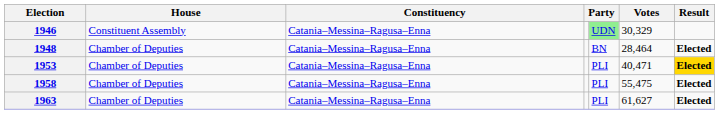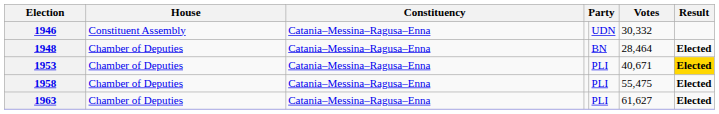 <table class=wikitable style="width:65%; border:1px #AAAAFF solid">
 <tr>
 <th width=12%>Election</th>
 <th width=30%>House</th>
 <th width=45%>Constituency</th>
 <th width=5% colspan="2">Party</th>
 <th width=12%>Votes</th>
 <th width=12%>Result</th>
 </tr>
 <tr>
 <th><a href='#'>1946</a></th>
 <td><a href='#'>Constituent Assembly</a></td>
 <td><a href='#'>Catania–Messina–Ragusa–Enna</a></td>
 <td></td>
-<td style="background: lightgreen;"><a href='#'>UDN</a></td>
-<td>30,329</td>
+<td><a href='#'>UDN</a></td>
+<td>30,332</td>
 <td></td>
 </tr>
 <tr>
 <th><a href='#'>1948</a></th>
 <td><a href='#'>Chamber of Deputies</a></td>
 <td><a href='#'>Catania–Messina–Ragusa–Enna</a></td>
 <td></td>
 <td><a href='#'>BN</a></td>
 <td>28,464</td>
 <td> <strong>Elected</strong></td>
 </tr>
 <tr>
 <th><a href='#'>1953</a></th>
 <td><a href='#'>Chamber of Deputies</a></td>
 <td><a href='#'>Catania–Messina–Ragusa–Enna</a></td>
 <td></td>
 <td><a href='#'>PLI</a></td>
-<td>40,471</td>
+<td>40,671</td>
 <td style="background: gold;"> <strong>Elected</strong></td>
 </tr>
 <tr>
 <th><a href='#'>1958</a></th>
 <td><a href='#'>Chamber of Deputies</a></td>
 <td><a href='#'>Catania–Messina–Ragusa–Enna</a></td>
 <td></td>
 <td><a href='#'>PLI</a></td>
 <td>55,475</td>
 <td> <strong>Elected</strong></td>
 </tr>
 <tr>
 <th><a href='#'>1963</a></th>
 <td><a href='#'>Chamber of Deputies</a></td>
 <td><a href='#'>Catania–Messina–Ragusa–Enna</a></td>
 <td></td>
 <td><a href='#'>PLI</a></td>
 <td>61,627</td>
 <td> <strong>Elected</strong></td>
 </tr>
 <tr>
 </tr>
 </table>
